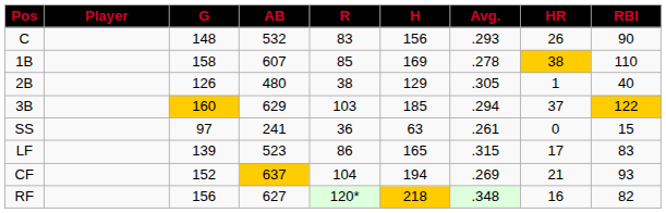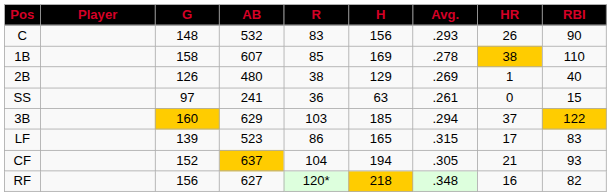 <table class="wikitable sortable">
 <tr>
 <th style="background:black; color:#d40026; width:5%;">Pos</th>
 <th style="background:black; color:#d40026; width:16%;">Player</th>
 <th style="background:black; color:#d40026; width:9%;">G</th>
 <th style="background:black; color:#d40026; width:9%;">AB</th>
 <th style="background:black; color:#d40026; width:9%;">R</th>
 <th style="background:black; color:#d40026; width:9%;">H</th>
 <th style="background:black; color:#d40026; width:9%;">Avg.</th>
 <th style="background:black; color:#d40026; width:9%;">HR</th>
 <th style="background:black; color:#d40026; width:9%;">RBI</th>
 </tr>
 <tr style="text-align:center;">
 <td>C</td>
 <td></td>
 <td>148</td>
 <td>532</td>
 <td>83</td>
 <td>156</td>
 <td>.293</td>
 <td>26</td>
 <td>90</td>
 </tr>
 <tr align="center">
 <td>1B</td>
 <td></td>
 <td>158</td>
 <td>607</td>
 <td>85</td>
 <td>169</td>
 <td>.278</td>
 <td style="background:#fc0;">38</td>
 <td>110</td>
 </tr>
 <tr align="center">
 <td>2B</td>
 <td></td>
 <td>126</td>
 <td>480</td>
 <td>38</td>
 <td>129</td>
-<td>.305</td>
+<td>.269</td>
 <td>1</td>
 <td>40</td>
+</tr>
+<tr align="center">
+<td>SS</td>
+<td></td>
+<td>97</td>
+<td>241</td>
+<td>36</td>
+<td>63</td>
+<td>.261</td>
+<td>0</td>
+<td>15</td>
 </tr>
 <tr align="center">
 <td>3B</td>
 <td></td>
 <td style="background:#fc0;">160</td>
 <td>629</td>
 <td>103</td>
 <td>185</td>
 <td>.294</td>
 <td>37</td>
 <td style="background:#fc0;">122</td>
-</tr>
-<tr align="center">
-<td>SS</td>
-<td></td>
-<td>97</td>
-<td>241</td>
-<td>36</td>
-<td>63</td>
-<td>.261</td>
-<td>0</td>
-<td>15</td>
 </tr>
 <tr align="center">
 <td>LF</td>
 <td></td>
 <td>139</td>
 <td>523</td>
 <td>86</td>
 <td>165</td>
 <td>.315</td>
 <td>17</td>
 <td>83</td>
 </tr>
 <tr align="center">
 <td>CF</td>
 <td></td>
 <td>152</td>
 <td style="background:#fc0;">637</td>
 <td>104</td>
 <td>194</td>
-<td>.269</td>
+<td>.305</td>
 <td>21</td>
 <td>93</td>
 </tr>
 <tr align="center">
 <td>RF</td>
 <td></td>
 <td>156</td>
 <td>627</td>
 <td bgcolor="#DDFFDD">120*</td>
 <td style="background:#fc0;">218</td>
 <td style="background:#DDFFDD;">.348</td>
 <td>16</td>
 <td>82</td>
 </tr>
 </table>
